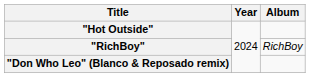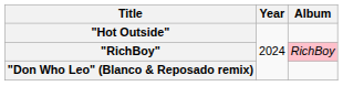 <table class="wikitable plainrowheaders" style="text-align:center;">
 <tr>
 <th scope="col">Title</th>
 <th scope="col">Year</th>
 <th scope="col">Album</th>
 </tr>
 <tr>
 <th scope="row">"Hot Outside"<br></th>
 <td rowspan="3">2024</td>
 <td></td>
 </tr>
 <tr>
 <th scope="row">"RichBoy"<br></th>
-<td><em>RichBoy</em></td>
+<td style="background: pink;"><em>RichBoy</em></td>
 </tr>
 <tr>
 <th scope="row">"Don Who Leo" (Blanco & Reposado remix)<br></th>
 <td></td>
 </tr>
 </table>
